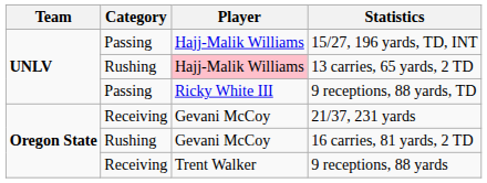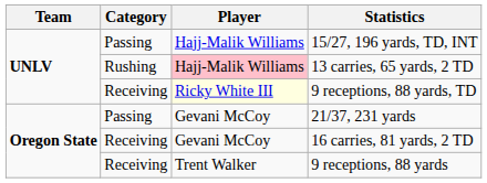 <table class="wikitable" style="float: right;">
 <tr>
 <th>Team</th>
 <th>Category</th>
 <th>Player</th>
 <th>Statistics</th>
 </tr>
 <tr>
 <td rowspan=3><strong>UNLV</strong></td>
 <td>Passing</td>
 <td><a href='#'>Hajj-Malik Williams</a></td>
 <td>15/27, 196 yards, TD, INT</td>
 </tr>
 <tr>
 <td>Rushing</td>
 <td style="background: pink;">Hajj-Malik Williams</td>
 <td>13 carries, 65 yards, 2 TD</td>
 </tr>
 <tr>
-<td>Passing</td>
-<td><a href='#'>Ricky White III</a></td>
+<td>Receiving</td>
+<td style="background: lightyellow;"><a href='#'>Ricky White III</a></td>
 <td>9 receptions, 88 yards, TD</td>
 </tr>
 <tr>
 <td rowspan=3><strong>Oregon State</strong></td>
-<td>Receiving</td>
+<td>Passing</td>
 <td>Gevani McCoy</td>
 <td>21/37, 231 yards</td>
 </tr>
 <tr>
-<td>Rushing</td>
+<td>Receiving</td>
 <td>Gevani McCoy</td>
 <td>16 carries, 81 yards, 2 TD</td>
 </tr>
 <tr>
 <td>Receiving</td>
 <td>Trent Walker</td>
 <td>9 receptions, 88 yards</td>
 </tr>
 </table>
